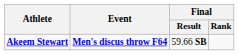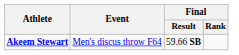 <table class="wikitable" style="text-align: center; font-size:90%">
 <tr>
 <th rowspan="2">Athlete</th>
 <th rowspan="2">Event</th>
 <th colspan="2">Final</th>
 </tr>
 <tr style="font-size:95%">
 <th>Result</th>
 <th>Rank</th>
 </tr>
 <tr>
 <td align=left><strong><a href='#'>Akeem Stewart</a></strong></td>
-<td align=left><strong><a href='#'>Men's discus throw F64</a></strong></td>
+<td align=left><a href='#'>Men's discus throw F64</a></td>
 <td>59.66 <strong>SB</strong></td>
 <td></td>
 </tr>
 </table>
